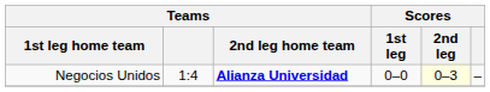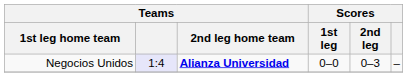 <table class="wikitable" style="text-align: center;">
 <tr>
 <th colspan=3>Teams</th>
 <th colspan=3>Scores</th>
 </tr>
 <tr>
 <th width="175">1st leg home team</th>
 <th width="50"></th>
 <th width="175">2nd leg home team</th>
 <th width="50">1st leg</th>
 <th width="50">2nd leg</th>
 <th></th>
 </tr>
 <tr>
 <td align=right>Negocios Unidos</td>
-<td>1:4</td>
+<td style="background: lavender;">1:4</td>
 <td align=left><strong><a href='#'>Alianza Universidad</a></strong></td>
 <td>0–0</td>
-<td style="background: lightyellow;">0–3</td>
+<td>0–3</td>
 <td>–</td>
 </tr>
 <tr>
 </tr>
 </table>
